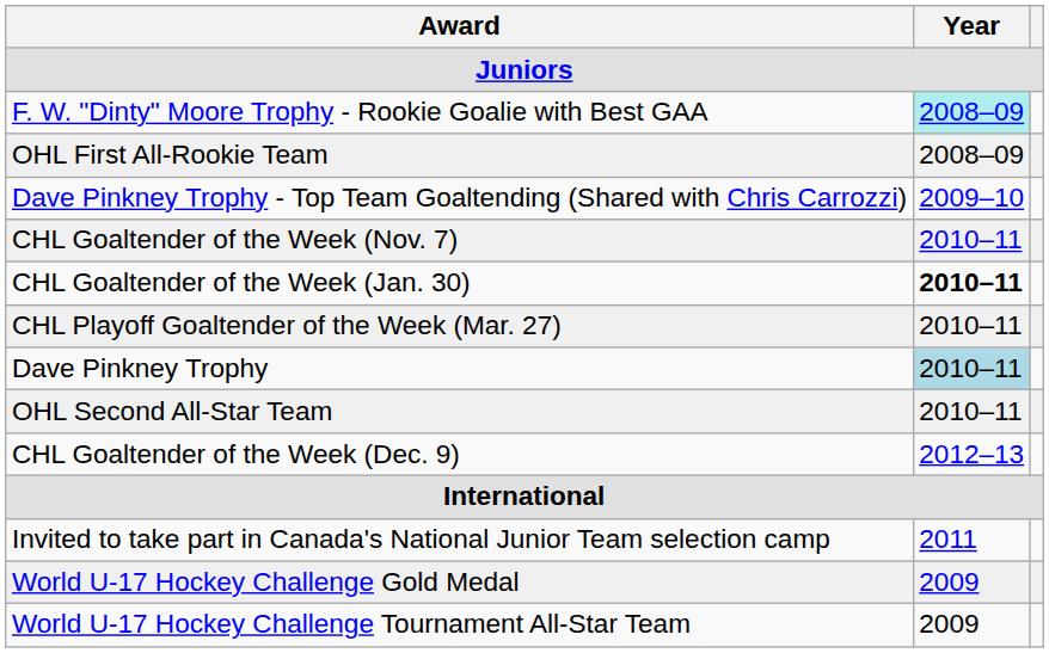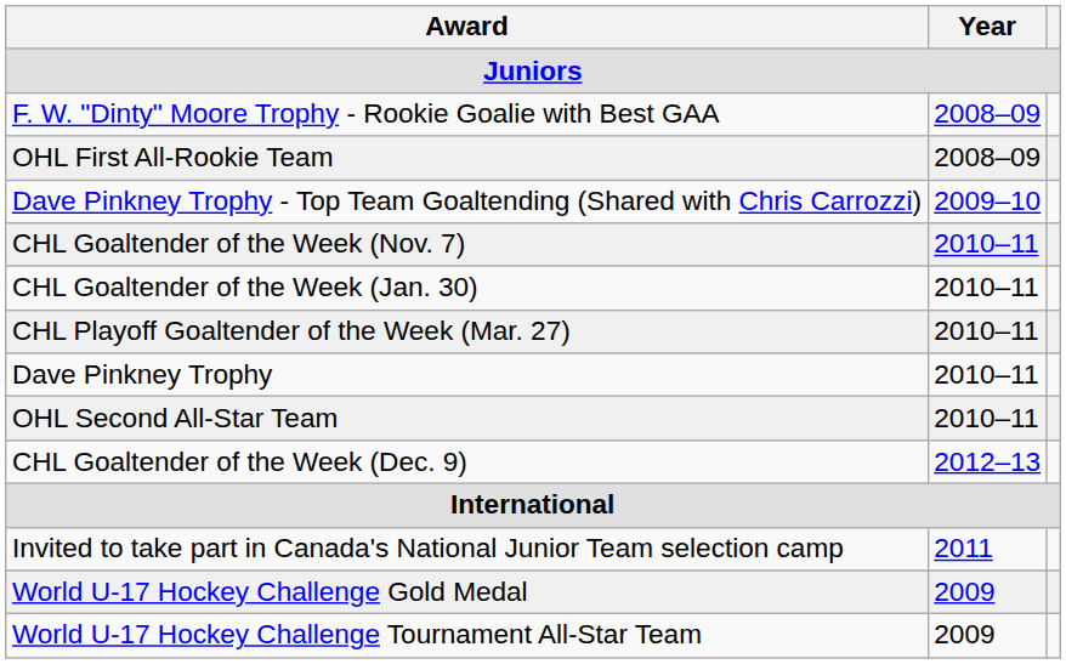 <table class="wikitable">
 <tr>
 <th>Award</th>
 <th>Year</th>
 <th></th>
 </tr>
 <tr ALIGN="center" bgcolor="#e0e0e0">
 <td colspan="3"><strong><a href='#'>Juniors</a></strong></td>
 </tr>
 <tr>
 <td><a href='#'>F. W. "Dinty" Moore Trophy</a> - Rookie Goalie with Best GAA</td>
-<td style="background: paleturquoise;"><a href='#'>2008–09</a></td>
+<td><a href='#'>2008–09</a></td>
 <td></td>
 </tr>
 <tr bgcolor="#f0f0f0">
 <td>OHL First All-Rookie Team</td>
 <td>2008–09</td>
 <td></td>
 </tr>
 <tr>
 <td><a href='#'>Dave Pinkney Trophy</a> - Top Team Goaltending (Shared with <a href='#'>Chris Carrozzi</a>)</td>
 <td><a href='#'>2009–10</a></td>
 <td></td>
 </tr>
 <tr bgcolor="#f0f0f0">
 <td>CHL Goaltender of the Week (Nov. 7)</td>
 <td><a href='#'>2010–11</a></td>
 <td></td>
 </tr>
 <tr>
 <td>CHL Goaltender of the Week (Jan. 30)</td>
-<td><strong>2010–11</strong></td>
+<td>2010–11</td>
 <td></td>
 </tr>
 <tr bgcolor="#f0f0f0">
 <td>CHL Playoff Goaltender of the Week (Mar. 27)</td>
 <td>2010–11</td>
 <td></td>
 </tr>
 <tr>
 <td>Dave Pinkney Trophy</td>
-<td style="background: lightblue;">2010–11</td>
+<td>2010–11</td>
 <td></td>
 </tr>
 <tr bgcolor="#f0f0f0">
 <td>OHL Second All-Star Team</td>
 <td>2010–11</td>
 <td></td>
 </tr>
 <tr>
 <td>CHL Goaltender of the Week (Dec. 9)</td>
 <td><a href='#'>2012–13</a></td>
 <td></td>
 </tr>
 <tr ALIGN="center" bgcolor="#e0e0e0">
 <td colspan="3"><strong>International</strong></td>
 </tr>
 <tr>
 <td>Invited to take part in Canada's National Junior Team selection camp</td>
 <td><a href='#'>2011</a></td>
 <td></td>
 </tr>
 <tr bgcolor="#f0f0f0">
 <td><a href='#'>World U-17 Hockey Challenge</a> Gold Medal</td>
 <td><a href='#'>2009</a></td>
 <td></td>
 </tr>
 <tr>
 <td><a href='#'>World U-17 Hockey Challenge</a> Tournament All-Star Team</td>
 <td>2009</td>
 <td></td>
 </tr>
 </table>
